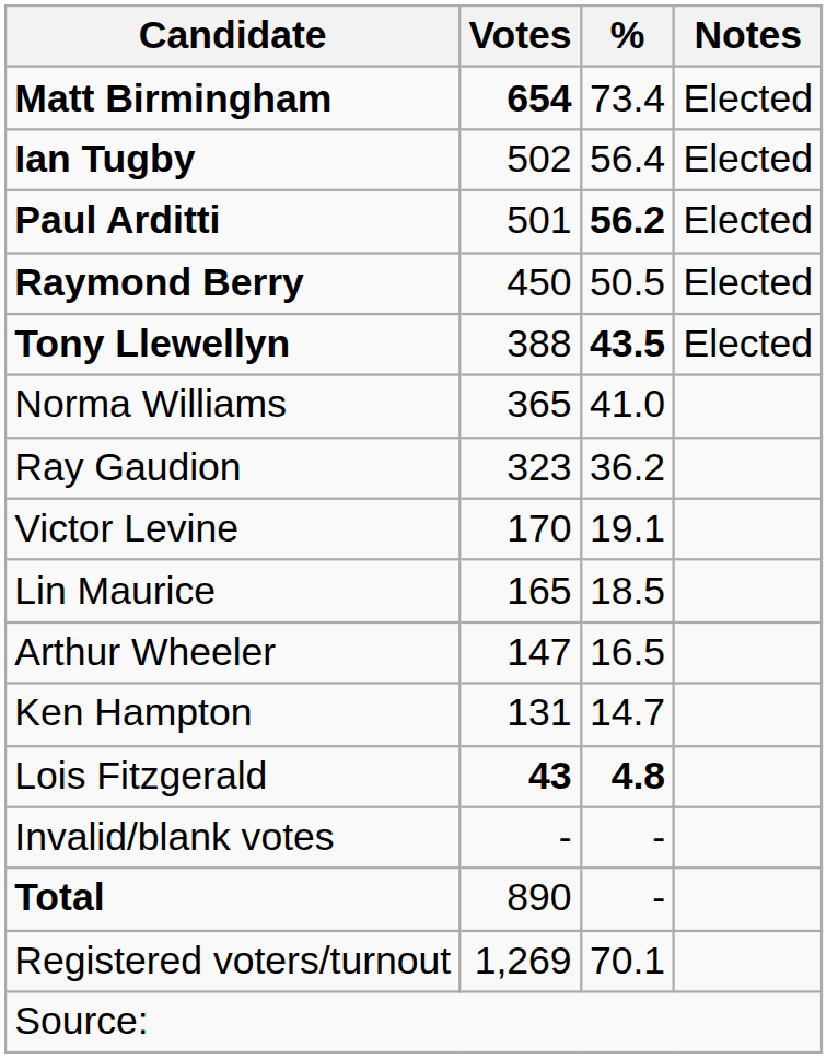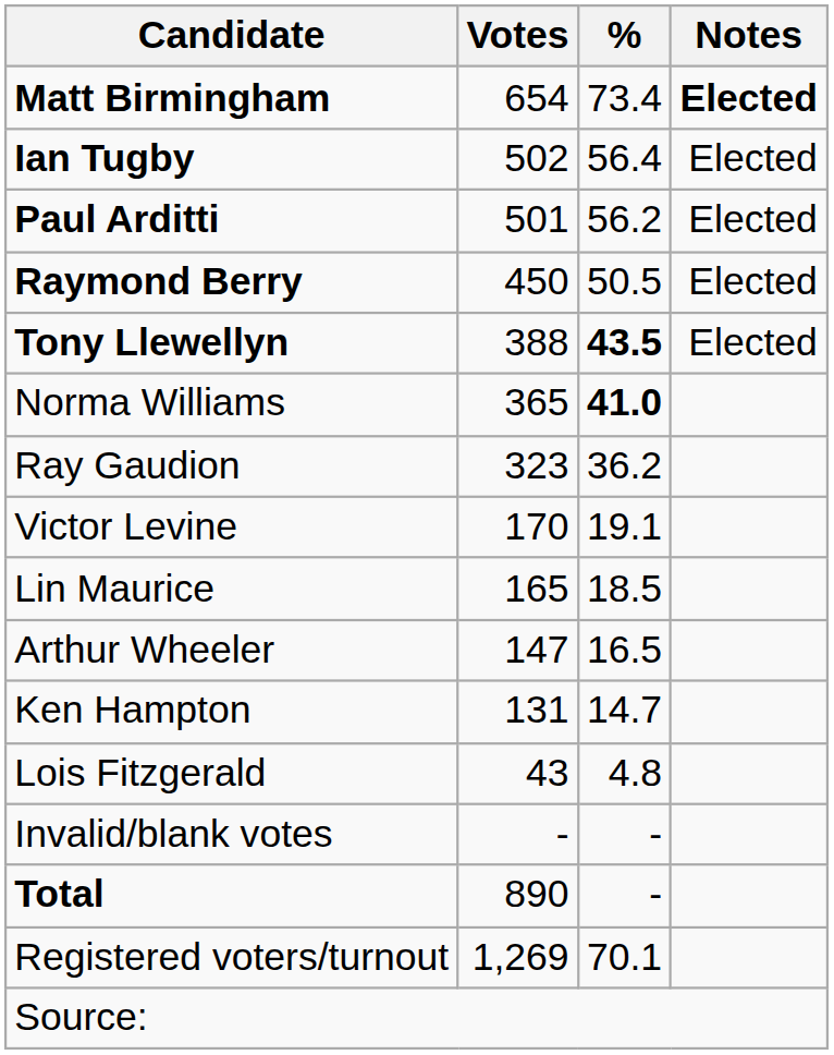 <table class=wikitable style=text-align:right>
 <tr>
 <th>Candidate</th>
 <th>Votes</th>
 <th>%</th>
 <th>Notes</th>
 </tr>
 <tr>
 <td align=left><strong>Matt Birmingham</strong></td>
-<td><strong>654</strong></td>
+<td>654</td>
 <td>73.4</td>
-<td>Elected</td>
+<td><strong>Elected</strong></td>
 </tr>
 <tr>
 <td align=left><strong>Ian Tugby</strong></td>
 <td>502</td>
 <td>56.4</td>
 <td>Elected</td>
 </tr>
 <tr>
 <td align=left><strong>Paul Arditti</strong></td>
 <td>501</td>
-<td><strong>56.2</strong></td>
+<td>56.2</td>
 <td>Elected</td>
 </tr>
 <tr>
 <td align=left><strong>Raymond Berry</strong></td>
 <td>450</td>
 <td>50.5</td>
 <td>Elected</td>
 </tr>
 <tr>
 <td align=left><strong>Tony Llewellyn</strong></td>
 <td>388</td>
 <td><strong>43.5</strong></td>
 <td>Elected</td>
 </tr>
 <tr>
 <td align=left>Norma Williams</td>
 <td>365</td>
-<td>41.0</td>
+<td><strong>41.0</strong></td>
 <td></td>
 </tr>
 <tr>
 <td align=left>Ray Gaudion</td>
 <td>323</td>
 <td>36.2</td>
 <td></td>
 </tr>
 <tr>
 <td align=left>Victor Levine</td>
 <td>170</td>
 <td>19.1</td>
 <td></td>
 </tr>
 <tr>
 <td align=left>Lin Maurice</td>
 <td>165</td>
 <td>18.5</td>
 <td></td>
 </tr>
 <tr>
 <td align=left>Arthur Wheeler</td>
 <td>147</td>
 <td>16.5</td>
 <td></td>
 </tr>
 <tr>
 <td align=left>Ken Hampton</td>
 <td>131</td>
 <td>14.7</td>
 <td></td>
 </tr>
 <tr>
 <td align=left>Lois Fitzgerald</td>
-<td><strong>43</strong></td>
-<td><strong>4.8</strong></td>
+<td>43</td>
+<td>4.8</td>
 <td></td>
 </tr>
 <tr>
 <td align=left>Invalid/blank votes</td>
 <td>-</td>
 <td>-</td>
 <td></td>
 </tr>
 <tr>
 <td align=left><strong>Total</strong></td>
 <td>890</td>
 <td>-</td>
 <td></td>
 </tr>
 <tr>
 <td align=left>Registered voters/turnout</td>
 <td>1,269</td>
 <td>70.1</td>
 <td></td>
 </tr>
 <tr>
 <td align=left colspan=4>Source: </td>
 </tr>
 </table>
